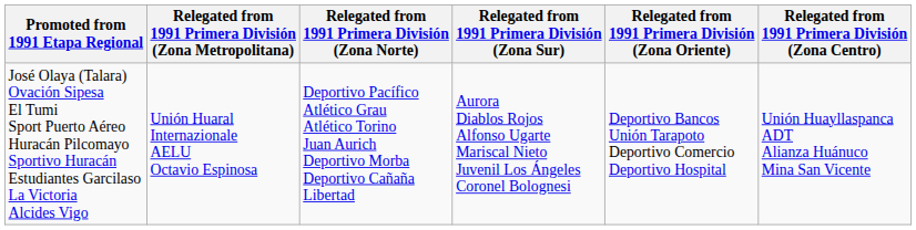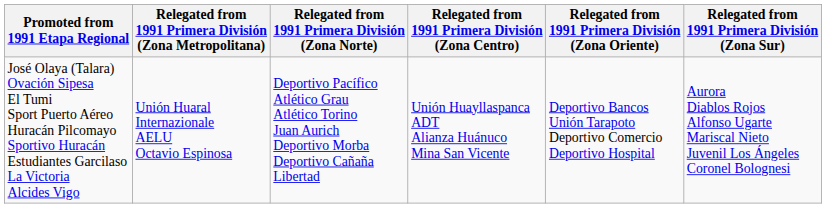 <table class="wikitable">
 <tr>
 <th>Promoted from<br><a href='#'>1991 Etapa Regional</a></th>
 <th>Relegated from<br><a href='#'>1991 Primera División</a><br>(Zona Metropolitana)</th>
 <th>Relegated from<br><a href='#'>1991 Primera División</a><br>(Zona Norte)</th>
+<th>Relegated from<br><a href='#'>1991 Primera División</a><br>(Zona Centro)</th>
+<th>Relegated from<br><a href='#'>1991 Primera División</a><br>(Zona Oriente)</th>
 <th>Relegated from<br><a href='#'>1991 Primera División</a><br>(Zona Sur)</th>
-<th>Relegated from<br><a href='#'>1991 Primera División</a><br>(Zona Oriente)</th>
-<th>Relegated from<br><a href='#'>1991 Primera División</a><br>(Zona Centro)</th>
 </tr>
 <tr>
 <td> José Olaya (Talara) <br> <a href='#'>Ovación Sipesa</a> <br> El Tumi <br> Sport Puerto Aéreo <br> Huracán Pilcomayo <br> <a href='#'>Sportivo Huracán</a> <br> Estudiantes Garcilaso <br> <a href='#'>La Victoria</a> <br> <a href='#'>Alcides Vigo</a> </td>
 <td> <a href='#'>Unión Huaral</a> <br> <a href='#'>Internazionale</a> <br> <a href='#'>AELU</a> <br> <a href='#'>Octavio Espinosa</a> </td>
 <td> <a href='#'>Deportivo Pacífico</a> <br> <a href='#'>Atlético Grau</a> <br> <a href='#'>Atlético Torino</a> <br> <a href='#'>Juan Aurich</a> <br> <a href='#'>Deportivo Morba</a> <br> <a href='#'>Deportivo Cañaña</a> <br> <a href='#'>Libertad</a> </td>
+<td> <a href='#'>Unión Huayllaspanca</a> <br> <a href='#'>ADT</a> <br> <a href='#'>Alianza Huánuco</a> <br> <a href='#'>Mina San Vicente</a> </td>
+<td> <a href='#'>Deportivo Bancos</a> <br> <a href='#'>Unión Tarapoto</a> <br> Deportivo Comercio <br> <a href='#'>Deportivo Hospital</a> </td>
 <td> <a href='#'>Aurora</a> <br> <a href='#'>Diablos Rojos</a> <br> <a href='#'>Alfonso Ugarte</a> <br> <a href='#'>Mariscal Nieto</a> <br> <a href='#'>Juvenil Los Ángeles</a> <br> <a href='#'>Coronel Bolognesi</a> </td>
-<td> <a href='#'>Deportivo Bancos</a> <br> <a href='#'>Unión Tarapoto</a> <br> Deportivo Comercio <br> <a href='#'>Deportivo Hospital</a> </td>
-<td> <a href='#'>Unión Huayllaspanca</a> <br> <a href='#'>ADT</a> <br> <a href='#'>Alianza Huánuco</a> <br> <a href='#'>Mina San Vicente</a> </td>
 </tr>
 </table>
